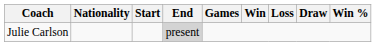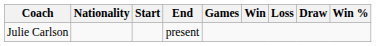 <table class="wikitable" style="text-align:center; margin-left: lem;">
 <tr>
 <th>Coach</th>
 <th>Nationality</th>
 <th>Start</th>
 <th>End</th>
 <th>Games</th>
 <th><strong>Win</strong></th>
 <th>Loss</th>
 <th>Draw</th>
 <th>Win %</th>
 </tr>
 <tr>
 <td>Julie Carlson</td>
 <td></td>
 <td></td>
-<td style="background: lightgrey;">present<br></td>
+<td>present<br></td>
 </tr>
 </table>
